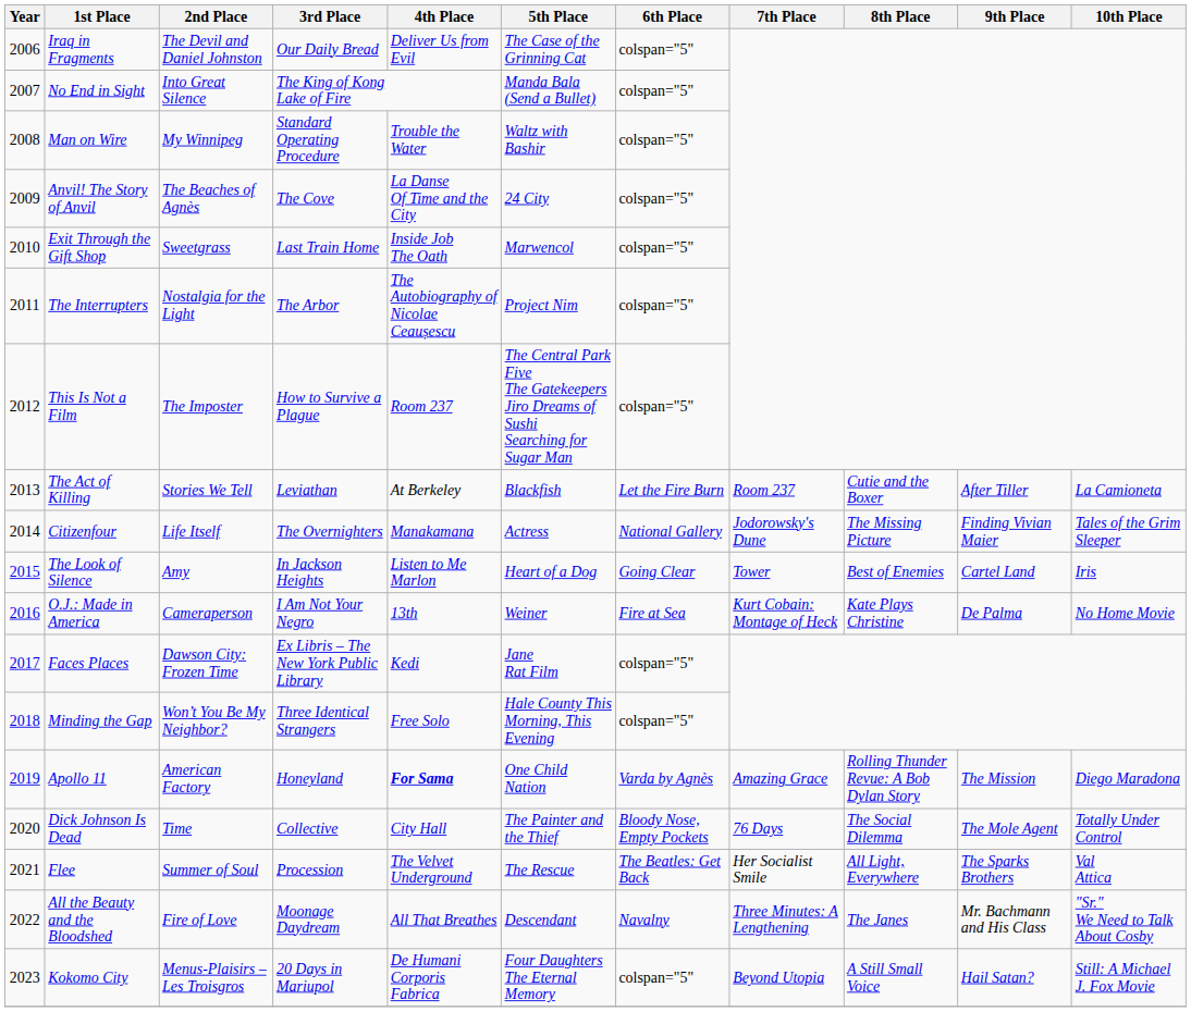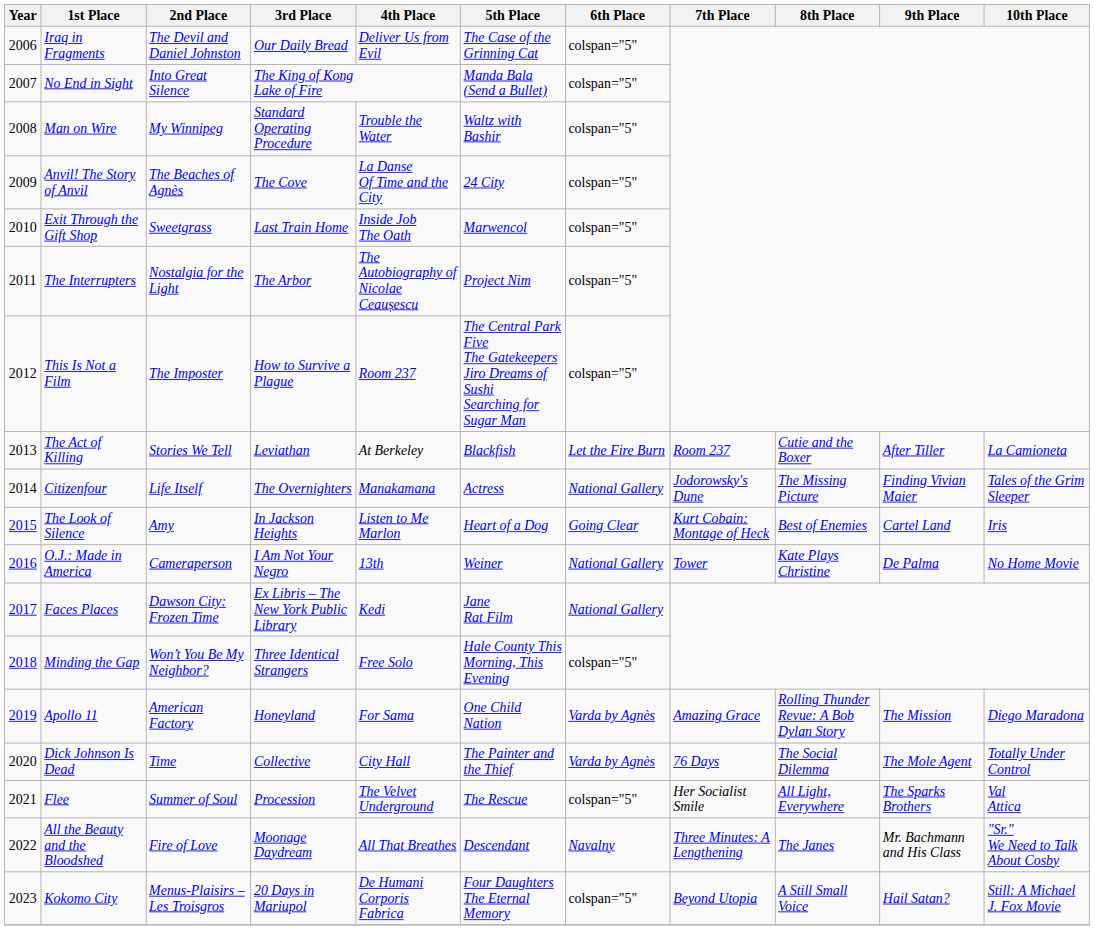 <table class="wikitable">
 <tr>
 <th scope="col" width="3%">Year</th>
 <th scope="col" width="9%">1st Place</th>
 <th scope="col" width="9%">2nd Place</th>
 <th scope="col" width="9%">3rd Place</th>
 <th scope="col" width="9%">4th Place</th>
 <th scope="col" width="9%">5th Place</th>
 <th scope="col" width="9%">6th Place</th>
 <th scope="col" width="9%">7th Place</th>
 <th scope="col" width="9%">8th Place</th>
 <th scope="col" width="9%">9th Place</th>
 <th scope="col" width="9%">10th Place</th>
 </tr>
 <tr>
 <td align="center">2006</td>
 <td><em><a href='#'>Iraq in Fragments</a></em></td>
 <td><em><a href='#'>The Devil and Daniel Johnston</a></em></td>
 <td><em><a href='#'>Our Daily Bread</a></em></td>
 <td><em><a href='#'>Deliver Us from Evil</a></em></td>
 <td><em><a href='#'>The Case of the Grinning Cat</a></em></td>
 <td>colspan="5" </td>
 </tr>
 <tr>
 <td align="center">2007</td>
 <td><em><a href='#'>No End in Sight</a></em></td>
 <td><em><a href='#'>Into Great Silence</a></em></td>
 <td colspan="2"><em><a href='#'>The King of Kong</a></em><br><em><a href='#'>Lake of Fire</a></em></td>
 <td><em><a href='#'>Manda Bala (Send a Bullet)</a></em></td>
 <td>colspan="5" </td>
 </tr>
 <tr>
 <td align="center">2008</td>
 <td><em><a href='#'>Man on Wire</a></em></td>
 <td><em><a href='#'>My Winnipeg</a></em></td>
 <td><em><a href='#'>Standard Operating Procedure</a></em></td>
 <td><em><a href='#'>Trouble the Water</a></em></td>
 <td><em><a href='#'>Waltz with Bashir</a></em></td>
 <td>colspan="5" </td>
 </tr>
 <tr>
 <td align="center">2009</td>
 <td><em><a href='#'>Anvil! The Story of Anvil</a></em></td>
 <td><em><a href='#'>The Beaches of Agnès</a></em></td>
 <td><em><a href='#'>The Cove</a></em></td>
 <td><em><a href='#'>La Danse</a></em><br><em><a href='#'>Of Time and the City</a></em></td>
 <td><em><a href='#'>24 City</a></em></td>
 <td>colspan="5" </td>
 </tr>
 <tr>
 <td align="center">2010</td>
 <td><em><a href='#'>Exit Through the Gift Shop</a></em></td>
 <td><em><a href='#'>Sweetgrass</a></em></td>
 <td><em><a href='#'>Last Train Home</a></em></td>
 <td><em><a href='#'>Inside Job</a></em><br><em><a href='#'>The Oath</a></em></td>
 <td><em><a href='#'>Marwencol</a></em></td>
 <td>colspan="5" </td>
 </tr>
 <tr>
 <td align="center">2011</td>
 <td><em><a href='#'>The Interrupters</a></em></td>
 <td><em><a href='#'>Nostalgia for the Light</a></em></td>
 <td><em><a href='#'>The Arbor</a></em></td>
 <td><em><a href='#'>The Autobiography of Nicolae Ceaușescu</a></em></td>
 <td><em><a href='#'>Project Nim</a></em></td>
 <td>colspan="5" </td>
 </tr>
 <tr>
 <td align="center">2012</td>
 <td><em><a href='#'>This Is Not a Film</a></em></td>
 <td><em><a href='#'>The Imposter</a></em></td>
 <td><em><a href='#'>How to Survive a Plague</a></em></td>
 <td><em><a href='#'>Room 237</a></em></td>
 <td><em><a href='#'>The Central Park Five</a></em><br><em><a href='#'>The Gatekeepers</a></em><br><em><a href='#'>Jiro Dreams of Sushi</a></em><br><em><a href='#'>Searching for Sugar Man</a></em></td>
 <td>colspan="5" </td>
 </tr>
 <tr>
 <td align="center">2013</td>
 <td><em><a href='#'>The Act of Killing</a></em></td>
 <td><em><a href='#'>Stories We Tell</a></em></td>
 <td><em><a href='#'>Leviathan</a></em></td>
 <td><em>At Berkeley</em></td>
 <td><em><a href='#'>Blackfish</a></em></td>
 <td><em><a href='#'>Let the Fire Burn</a></em></td>
 <td><em><a href='#'>Room 237</a></em></td>
 <td><em><a href='#'>Cutie and the Boxer</a></em></td>
 <td><em><a href='#'>After Tiller</a></em></td>
 <td><em><a href='#'>La Camioneta</a></em></td>
 </tr>
 <tr>
 <td align="center">2014</td>
 <td><em><a href='#'>Citizenfour</a></em></td>
 <td><em><a href='#'>Life Itself</a></em></td>
 <td><em><a href='#'>The Overnighters</a></em></td>
 <td><em><a href='#'>Manakamana</a></em></td>
 <td><em><a href='#'>Actress</a></em></td>
 <td><em><a href='#'>National Gallery</a></em></td>
 <td><em><a href='#'>Jodorowsky's Dune</a></em></td>
 <td><em><a href='#'>The Missing Picture</a></em></td>
 <td><em><a href='#'>Finding Vivian Maier</a></em></td>
 <td><em><a href='#'>Tales of the Grim Sleeper</a></em></td>
 </tr>
 <tr>
 <td align="center"><a href='#'>2015</a></td>
 <td><em><a href='#'>The Look of Silence</a></em></td>
 <td><em><a href='#'>Amy</a></em></td>
 <td><em><a href='#'>In Jackson Heights</a></em></td>
 <td><em><a href='#'>Listen to Me Marlon</a></em></td>
 <td><em><a href='#'>Heart of a Dog</a></em></td>
 <td><em><a href='#'>Going Clear</a></em></td>
-<td><em><a href='#'>Tower</a></em></td>
+<td><em><a href='#'>Kurt Cobain: Montage of Heck</a></em></td>
 <td><em><a href='#'>Best of Enemies</a></em></td>
 <td><em><a href='#'>Cartel Land</a></em></td>
 <td><em><a href='#'>Iris</a></em></td>
 </tr>
 <tr>
 <td align="center"><a href='#'>2016</a></td>
 <td><em><a href='#'>O.J.: Made in America</a></em></td>
 <td><em><a href='#'>Cameraperson</a></em></td>
 <td><em><a href='#'>I Am Not Your Negro</a></em></td>
 <td><em><a href='#'>13th</a></em></td>
 <td><em><a href='#'>Weiner</a></em></td>
-<td><em><a href='#'>Fire at Sea</a></em></td>
-<td><em><a href='#'>Kurt Cobain: Montage of Heck</a></em></td>
+<td><em><a href='#'>National Gallery</a></em></td>
+<td><em><a href='#'>Tower</a></em></td>
 <td><em><a href='#'>Kate Plays Christine</a></em></td>
 <td><em><a href='#'>De Palma</a></em></td>
 <td><em><a href='#'>No Home Movie</a></em></td>
 </tr>
 <tr>
 <td align="center"><a href='#'>2017</a></td>
 <td><em><a href='#'>Faces Places</a></em></td>
 <td><em><a href='#'>Dawson City: Frozen Time</a></em></td>
 <td><em><a href='#'>Ex Libris – The New York Public Library</a></em></td>
 <td><em><a href='#'>Kedi</a></em></td>
 <td><em><a href='#'>Jane</a></em><br><em><a href='#'>Rat Film</a></em></td>
-<td>colspan="5" </td>
+<td><em><a href='#'>National Gallery</a></em></td>
 </tr>
 <tr>
 <td align="center"><a href='#'>2018</a></td>
 <td><em><a href='#'>Minding the Gap</a></em></td>
 <td><em><a href='#'>Won’t You Be My Neighbor?</a></em></td>
 <td><em><a href='#'>Three Identical Strangers</a></em></td>
 <td><em><a href='#'>Free Solo</a></em></td>
 <td><em><a href='#'>Hale County This Morning, This Evening</a></em></td>
 <td>colspan="5" </td>
 </tr>
 <tr>
 <td align="center"><a href='#'>2019</a></td>
 <td><em><a href='#'>Apollo 11</a></em></td>
 <td><em><a href='#'>American Factory</a></em></td>
 <td><em><a href='#'>Honeyland</a></em></td>
-<td><strong><em><a href='#'>For Sama</a></em></strong></td>
+<td><em><a href='#'>For Sama</a></em></td>
 <td><em><a href='#'>One Child Nation</a></em></td>
 <td><em><a href='#'>Varda by Agnès</a></em></td>
 <td><em><a href='#'>Amazing Grace</a></em></td>
 <td><em><a href='#'>Rolling Thunder Revue: A Bob Dylan Story</a></em></td>
 <td><em><a href='#'>The Mission</a></em></td>
 <td><em><a href='#'>Diego Maradona</a></em></td>
 </tr>
 <tr>
 <td align="center">2020</td>
 <td><em><a href='#'>Dick Johnson Is Dead</a></em></td>
 <td><em><a href='#'>Time</a></em></td>
 <td><em><a href='#'>Collective</a></em></td>
 <td><em><a href='#'>City Hall</a></em></td>
 <td><em><a href='#'>The Painter and the Thief</a></em></td>
-<td><em><a href='#'>Bloody Nose, Empty Pockets</a></em></td>
+<td><em><a href='#'>Varda by Agnès</a></em></td>
 <td><em><a href='#'>76 Days</a></em></td>
 <td><em><a href='#'>The Social Dilemma</a></em></td>
 <td><em><a href='#'>The Mole Agent</a></em></td>
 <td><em><a href='#'>Totally Under Control</a></em></td>
 </tr>
 <tr>
 <td align="center">2021</td>
 <td><em><a href='#'>Flee</a></em></td>
 <td><em><a href='#'>Summer of Soul</a></em></td>
 <td><em><a href='#'>Procession</a></em></td>
 <td><em><a href='#'>The Velvet Underground</a></em></td>
 <td><em><a href='#'>The Rescue</a></em></td>
-<td><em><a href='#'>The Beatles: Get Back</a></em></td>
+<td>colspan="5" </td>
 <td><em>Her Socialist Smile</em></td>
 <td><em><a href='#'>All Light, Everywhere</a></em></td>
 <td><em><a href='#'>The Sparks Brothers</a></em></td>
 <td><em><a href='#'>Val</a></em><br><em><a href='#'>Attica</a></em></td>
 </tr>
 <tr>
 <td align="center">2022</td>
 <td><em><a href='#'>All the Beauty and the Bloodshed</a></em></td>
 <td><em><a href='#'>Fire of Love</a></em></td>
 <td><em><a href='#'>Moonage Daydream</a></em></td>
 <td><em><a href='#'>All That Breathes</a></em></td>
 <td><em><a href='#'>Descendant</a></em></td>
 <td><em><a href='#'>Navalny</a></em></td>
 <td><em><a href='#'>Three Minutes: A Lengthening</a></em></td>
 <td><em><a href='#'>The Janes</a></em></td>
 <td><em>Mr. Bachmann and His Class</em></td>
 <td><em><a href='#'>"Sr."</a></em><br><em><a href='#'>We Need to Talk About Cosby</a></em></td>
 </tr>
 <tr>
 <td align="center">2023</td>
 <td><em><a href='#'>Kokomo City</a></em></td>
 <td><em><a href='#'>Menus-Plaisirs – Les Troisgros</a></em></td>
 <td><em><a href='#'>20 Days in Mariupol</a></em></td>
 <td><em><a href='#'>De Humani Corporis Fabrica</a></em></td>
 <td><em><a href='#'>Four Daughters</a></em><br><em><a href='#'>The Eternal Memory</a></em></td>
 <td>colspan="5" </td>
 <td><em><a href='#'>Beyond Utopia</a></em></td>
 <td><em><a href='#'>A Still Small Voice</a></em></td>
 <td><em><a href='#'>Hail Satan?</a></em></td>
 <td><em><a href='#'>Still: A Michael J. Fox Movie</a></em></td>
 </tr>
 <tr>
 </tr>
 </table>
